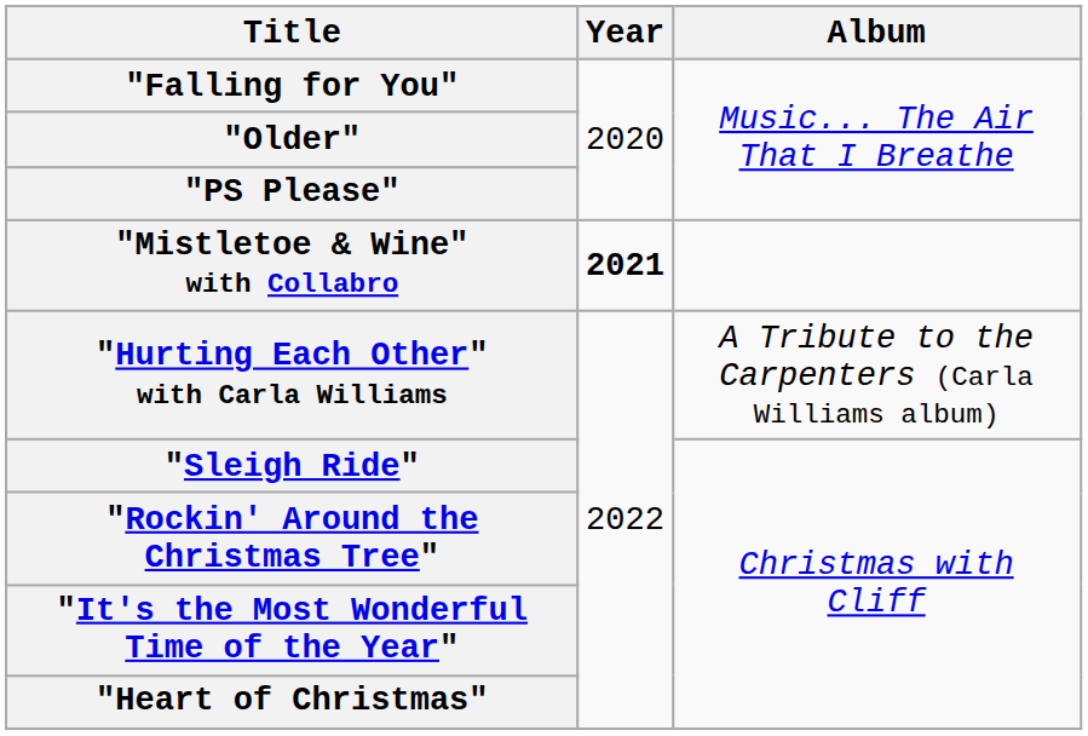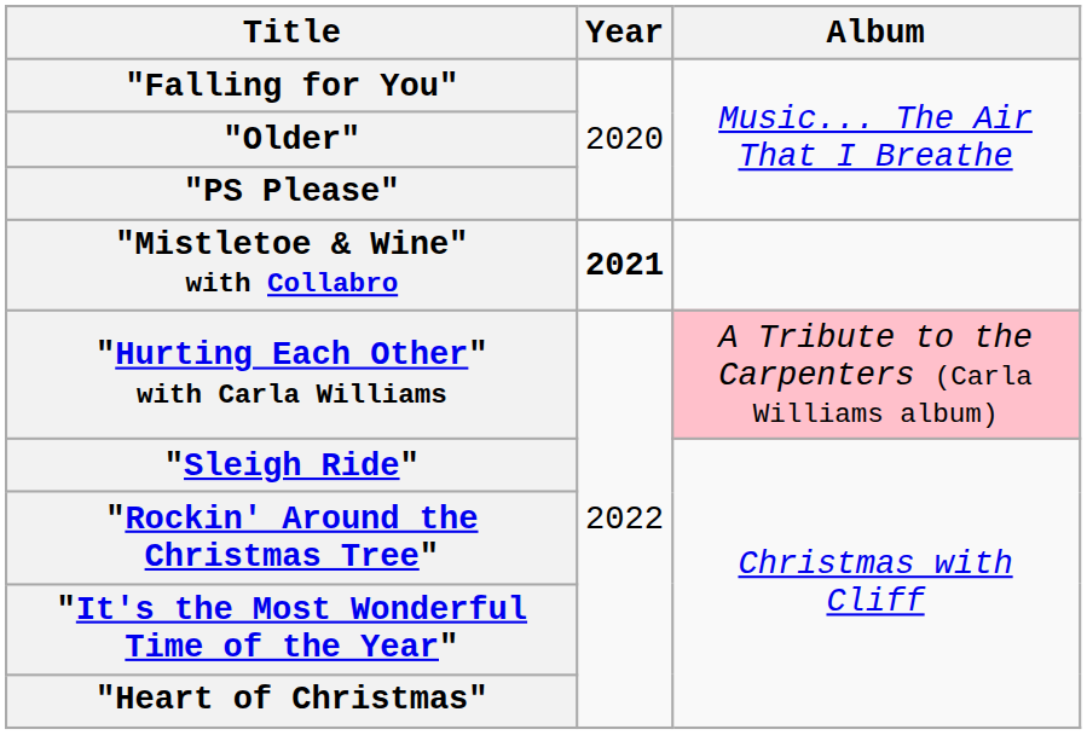 <table class="wikitable plainrowheaders" style="text-align:center;">
 <tr>
 <th scope="col" style="width:17em;">Title</th>
 <th scope="col" style="width:2em;">Year</th>
 <th style="width:12em;">Album</th>
 </tr>
 <tr>
 <th scope="row">"Falling for You"</th>
 <td rowspan="3">2020</td>
 <td rowspan="3"><em><a href='#'>Music... The Air That I Breathe</a></em></td>
 </tr>
 <tr>
 <th scope="row">"Older"</th>
 </tr>
 <tr>
 <th scope="row">"PS Please"</th>
 </tr>
 <tr>
 <th scope="row">"Mistletoe & Wine"<br><small>with <a href='#'>Collabro</a></small></th>
 <td><strong>2021</strong></td>
 <td></td>
 </tr>
 <tr>
 <th scope="row">"<a href='#'>Hurting Each Other</a>"<br><small>with Carla Williams</small></th>
 <td rowspan="5">2022</td>
-<td><em>A Tribute to the Carpenters</em> <small>(Carla Williams album)</small></td>
+<td style="background: pink;"><em>A Tribute to the Carpenters</em> <small>(Carla Williams album)</small></td>
 </tr>
 <tr>
 <th scope="row">"<a href='#'>Sleigh Ride</a>"</th>
 <td rowspan="4"><em><a href='#'>Christmas with Cliff</a></em></td>
 </tr>
 <tr>
 <th scope="row">"<a href='#'>Rockin' Around the Christmas Tree</a>"</th>
 </tr>
 <tr>
 <th scope="row">"<a href='#'>It's the Most Wonderful Time of the Year</a>"</th>
 </tr>
 <tr>
 <th scope="row">"Heart of Christmas"</th>
 </tr>
 </table>
